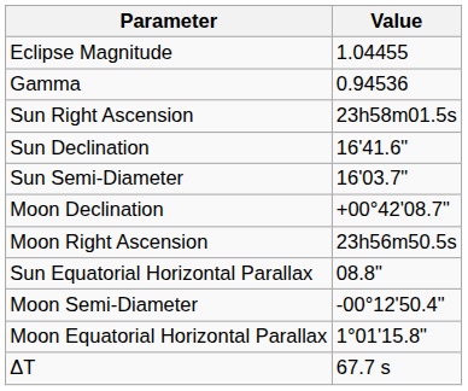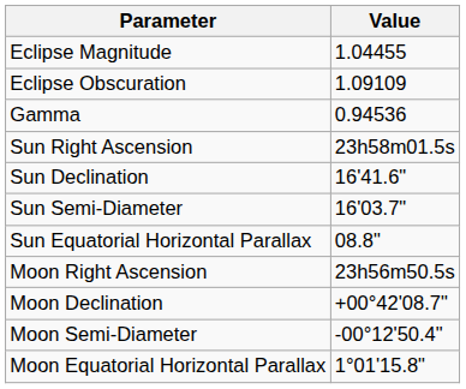 <table class="wikitable">
 <tr>
 <th>Parameter</th>
 <th>Value</th>
 </tr>
 <tr>
 <td>Eclipse Magnitude</td>
 <td>1.04455</td>
+</tr>
+<tr>
+<td>Eclipse Obscuration</td>
+<td>1.09109</td>
 </tr>
 <tr>
 <td>Gamma</td>
 <td>0.94536</td>
 </tr>
 <tr>
 <td>Sun Right Ascension</td>
 <td>23h58m01.5s</td>
 </tr>
 <tr>
 <td>Sun Declination</td>
 <td>16'41.6"</td>
 </tr>
 <tr>
 <td>Sun Semi-Diameter</td>
 <td>16'03.7"</td>
 </tr>
 <tr>
-<td>Moon Declination</td>
-<td>+00°42'08.7"</td>
+<td>Sun Equatorial Horizontal Parallax</td>
+<td>08.8"</td>
 </tr>
 <tr>
 <td>Moon Right Ascension</td>
 <td>23h56m50.5s</td>
 </tr>
 <tr>
-<td>Sun Equatorial Horizontal Parallax</td>
-<td>08.8"</td>
+<td>Moon Declination</td>
+<td>+00°42'08.7"</td>
 </tr>
 <tr>
 <td>Moon Semi-Diameter</td>
 <td>-00°12'50.4"</td>
 </tr>
 <tr>
 <td>Moon Equatorial Horizontal Parallax</td>
 <td>1°01'15.8"</td>
 </tr>
-<tr>
-<td>ΔT</td>
-<td>67.7 s</td>
-</tr>
 </table>
